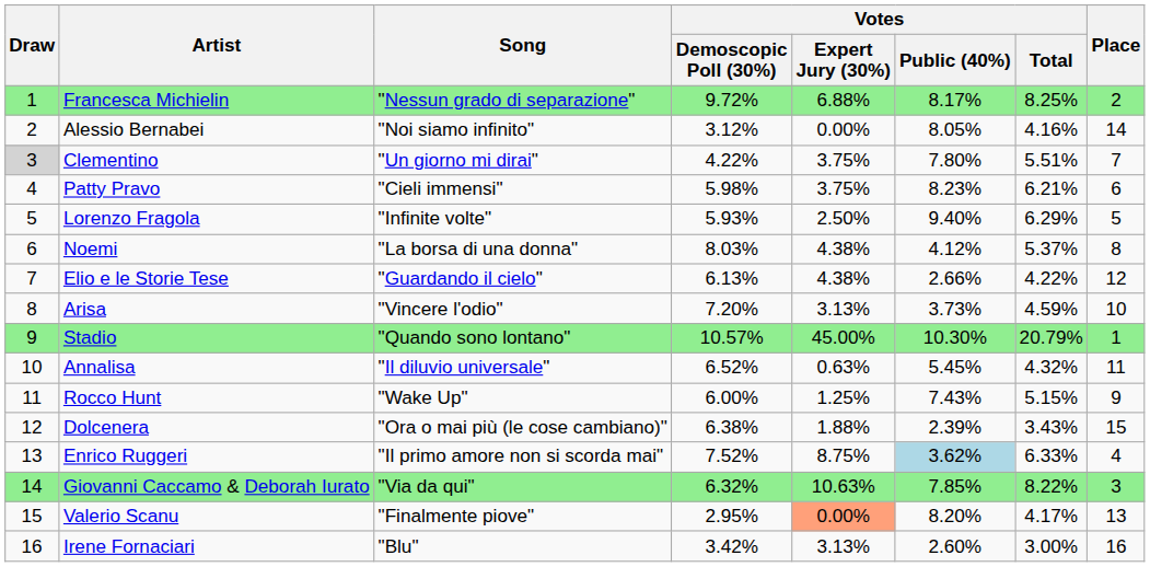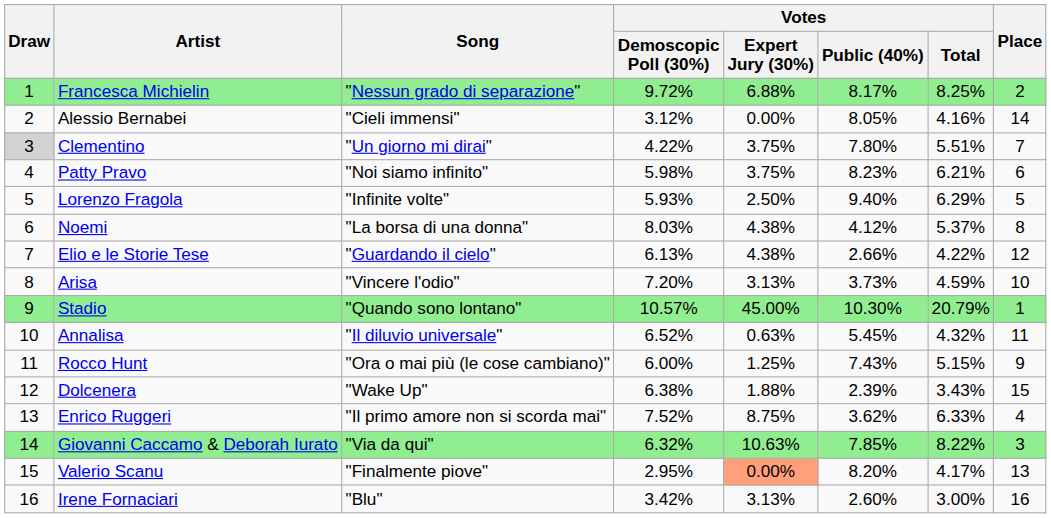 <table class="sortable wikitable" style="margin: 1em auto 1em auto; text-align:center">
 <tr>
 <th rowspan="2">Draw</th>
 <th rowspan="2">Artist</th>
 <th rowspan="2">Song</th>
 <th colspan="4" class="unsortable">Votes</th>
 <th rowspan="2">Place</th>
 </tr>
 <tr>
 <th>Demoscopic<br>Poll (30%)</th>
 <th>Expert<br>Jury (30%)</th>
 <th>Public (40%)</th>
 <th>Total</th>
 </tr>
 <tr style="background:#90EE90">
 <td>1</td>
 <td align="left"><a href='#'>Francesca Michielin</a></td>
 <td align="left">"<a href='#'>Nessun grado di separazione</a>"</td>
 <td>9.72%</td>
 <td>6.88%</td>
 <td>8.17%</td>
 <td>8.25%</td>
 <td>2</td>
 </tr>
 <tr>
 <td>2</td>
 <td align="left">Alessio Bernabei</td>
-<td align="left">"Noi siamo infinito"</td>
+<td align="left">"Cieli immensi"</td>
 <td>3.12%</td>
 <td>0.00%</td>
 <td>8.05%</td>
 <td>4.16%</td>
 <td>14</td>
 </tr>
 <tr>
 <td style="background: lightgrey;">3</td>
 <td align="left"><a href='#'>Clementino</a></td>
 <td align="left">"<a href='#'>Un giorno mi dirai</a>"</td>
 <td>4.22%</td>
 <td>3.75%</td>
 <td>7.80%</td>
 <td>5.51%</td>
 <td>7</td>
 </tr>
 <tr>
 <td>4</td>
 <td align="left"><a href='#'>Patty Pravo</a></td>
-<td align="left">"Cieli immensi"</td>
+<td align="left">"Noi siamo infinito"</td>
 <td>5.98%</td>
 <td>3.75%</td>
 <td>8.23%</td>
 <td>6.21%</td>
 <td>6</td>
 </tr>
 <tr>
 <td>5</td>
 <td align="left"><a href='#'>Lorenzo Fragola</a></td>
 <td align="left">"Infinite volte"</td>
 <td>5.93%</td>
 <td>2.50%</td>
 <td>9.40%</td>
 <td>6.29%</td>
 <td>5</td>
 </tr>
 <tr>
 <td>6</td>
 <td align="left"><a href='#'>Noemi</a></td>
 <td align="left">"La borsa di una donna"</td>
 <td>8.03%</td>
 <td>4.38%</td>
 <td>4.12%</td>
 <td>5.37%</td>
 <td>8</td>
 </tr>
 <tr>
 <td>7</td>
 <td align="left"><a href='#'>Elio e le Storie Tese</a></td>
 <td align="left">"<a href='#'>Guardando il cielo</a>"</td>
 <td>6.13%</td>
 <td>4.38%</td>
 <td>2.66%</td>
 <td>4.22%</td>
 <td>12</td>
 </tr>
 <tr>
 <td>8</td>
 <td align="left"><a href='#'>Arisa</a></td>
 <td align="left">"Vincere l'odio"</td>
 <td>7.20%</td>
 <td>3.13%</td>
 <td>3.73%</td>
 <td>4.59%</td>
 <td>10</td>
 </tr>
 <tr style="background:#90EE90">
 <td>9</td>
 <td align="left"><a href='#'>Stadio</a></td>
 <td align="left">"Quando sono lontano"</td>
 <td>10.57%</td>
 <td>45.00%</td>
 <td>10.30%</td>
 <td>20.79%</td>
 <td>1</td>
 </tr>
 <tr>
 <td>10</td>
 <td align="left"><a href='#'>Annalisa</a></td>
 <td align="left">"<a href='#'>Il diluvio universale</a>"</td>
 <td>6.52%</td>
 <td>0.63%</td>
 <td>5.45%</td>
 <td>4.32%</td>
 <td>11</td>
 </tr>
 <tr>
 <td>11</td>
 <td align="left"><a href='#'>Rocco Hunt</a></td>
-<td align="left">"Wake Up"</td>
+<td align="left">"Ora o mai più (le cose cambiano)"</td>
 <td>6.00%</td>
 <td>1.25%</td>
 <td>7.43%</td>
 <td>5.15%</td>
 <td>9</td>
 </tr>
 <tr>
 <td>12</td>
 <td align="left"><a href='#'>Dolcenera</a></td>
-<td align="left">"Ora o mai più (le cose cambiano)"</td>
+<td align="left">"Wake Up"</td>
 <td>6.38%</td>
 <td>1.88%</td>
 <td>2.39%</td>
 <td>3.43%</td>
 <td>15</td>
 </tr>
 <tr>
 <td>13</td>
 <td align="left"><a href='#'>Enrico Ruggeri</a></td>
 <td align="left">"Il primo amore non si scorda mai"</td>
 <td>7.52%</td>
 <td>8.75%</td>
-<td style="background: lightblue;">3.62%</td>
+<td>3.62%</td>
 <td>6.33%</td>
 <td>4</td>
 </tr>
 <tr style="background:#90EE90">
 <td>14</td>
 <td align="left"><a href='#'>Giovanni Caccamo</a> & <a href='#'>Deborah Iurato</a></td>
 <td align="left">"Via da qui"</td>
 <td>6.32%</td>
 <td>10.63%</td>
 <td>7.85%</td>
 <td>8.22%</td>
 <td>3</td>
 </tr>
 <tr>
 <td>15</td>
 <td align="left"><a href='#'>Valerio Scanu</a></td>
 <td align="left">"Finalmente piove"</td>
 <td>2.95%</td>
 <td style="background: lightsalmon;">0.00%</td>
 <td>8.20%</td>
 <td>4.17%</td>
 <td>13</td>
 </tr>
 <tr>
 <td>16</td>
 <td align="left"><a href='#'>Irene Fornaciari</a></td>
 <td align="left">"Blu"</td>
 <td>3.42%</td>
 <td>3.13%</td>
 <td>2.60%</td>
 <td>3.00%</td>
 <td>16</td>
 </tr>
 </table>
